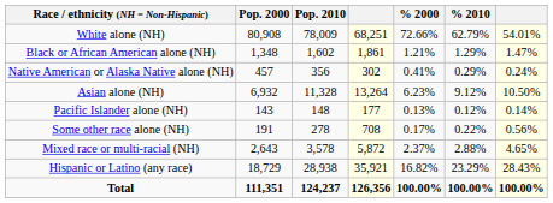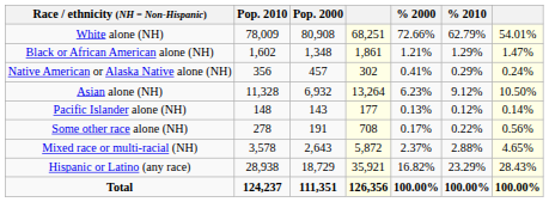 <table class="wikitable" style="text-align:center;">
 <tr>
 <th>Race / ethnicity <small>(<em>NH = Non-Hispanic</em>)</small></th>
+<th>Pop. 2010</th>
 <th>Pop. 2000</th>
-<th>Pop. 2010</th>
 <th></th>
 <th>% 2000</th>
 <th>% 2010</th>
 <th></th>
 </tr>
 <tr>
 <td><a href='#'>White</a> alone (NH)</td>
+<td>78,009</td>
 <td>80,908</td>
-<td>78,009</td>
 <td style='background: #ffffe6;'>68,251</td>
 <td>72.66%</td>
 <td>62.79%</td>
 <td style='background: #ffffe6;'>54.01%</td>
 </tr>
 <tr>
 <td><a href='#'>Black or African American</a> alone (NH)</td>
+<td>1,602</td>
 <td>1,348</td>
-<td>1,602</td>
 <td style='background: #ffffe6;'>1,861</td>
 <td>1.21%</td>
 <td>1.29%</td>
 <td style='background: #ffffe6;'>1.47%</td>
 </tr>
 <tr>
 <td><a href='#'>Native American</a> or <a href='#'>Alaska Native</a> alone (NH)</td>
+<td>356</td>
 <td>457</td>
-<td>356</td>
 <td style='background: #ffffe6;'>302</td>
 <td>0.41%</td>
 <td>0.29%</td>
 <td style='background: #ffffe6;'>0.24%</td>
 </tr>
 <tr>
 <td><a href='#'>Asian</a> alone (NH)</td>
+<td>11,328</td>
 <td>6,932</td>
-<td>11,328</td>
 <td style='background: #ffffe6;'>13,264</td>
 <td>6.23%</td>
 <td>9.12%</td>
 <td style='background: #ffffe6;'>10.50%</td>
 </tr>
 <tr>
 <td><a href='#'>Pacific Islander</a> alone (NH)</td>
+<td>148</td>
 <td>143</td>
-<td>148</td>
 <td style='background: #ffffe6;'>177</td>
 <td>0.13%</td>
 <td>0.12%</td>
 <td style='background: #ffffe6;'>0.14%</td>
 </tr>
 <tr>
 <td><a href='#'>Some other race</a> alone (NH)</td>
+<td>278</td>
 <td>191</td>
-<td>278</td>
 <td style='background: #ffffe6;'>708</td>
 <td>0.17%</td>
 <td>0.22%</td>
 <td style='background: #ffffe6;'>0.56%</td>
 </tr>
 <tr>
 <td><a href='#'>Mixed race or multi-racial</a> (NH)</td>
+<td>3,578</td>
 <td>2,643</td>
-<td>3,578</td>
 <td style='background: #ffffe6;'>5,872</td>
 <td>2.37%</td>
 <td>2.88%</td>
 <td style='background: #ffffe6;'>4.65%</td>
 </tr>
 <tr>
 <td><a href='#'>Hispanic or Latino</a> (any race)</td>
+<td>28,938</td>
 <td>18,729</td>
-<td>28,938</td>
 <td style='background: #ffffe6;'>35,921</td>
 <td>16.82%</td>
 <td>23.29%</td>
 <td style='background: #ffffe6;'>28.43%</td>
 </tr>
 <tr>
 <td><strong>Total</strong></td>
+<td><strong>124,237</strong></td>
 <td><strong>111,351</strong></td>
-<td><strong>124,237</strong></td>
 <td style='background: #ffffe6;'><strong>126,356</strong></td>
 <td><strong>100.00%</strong></td>
 <td><strong>100.00%</strong></td>
 <td style='background: #ffffe6;'><strong>100.00%</strong></td>
 </tr>
 </table>
